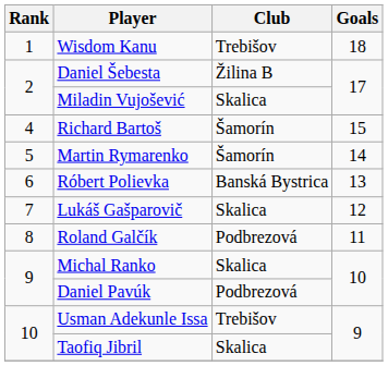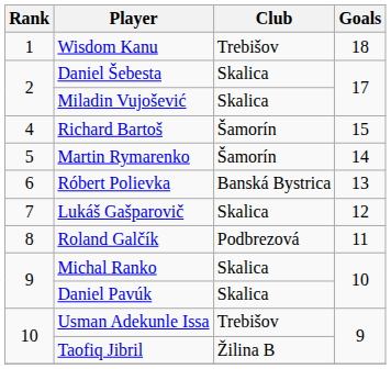 <table class="wikitable" style="text-align:center">
 <tr>
 <th>Rank</th>
 <th>Player</th>
 <th>Club</th>
 <th>Goals</th>
 </tr>
 <tr>
 <td rowspan="1">1</td>
 <td align="left"> <a href='#'>Wisdom Kanu</a></td>
 <td align="left">Trebišov</td>
 <td rowspan="1">18</td>
 </tr>
 <tr>
 <td rowspan="2">2</td>
 <td align="left"> <a href='#'>Daniel Šebesta</a></td>
-<td align="left">Žilina B</td>
+<td align="left">Skalica</td>
 <td rowspan="2">17</td>
 </tr>
 <tr>
 <td align="left"> <a href='#'>Miladin Vujošević</a></td>
 <td align="left">Skalica</td>
 </tr>
 <tr>
 <td rowspan="1">4</td>
 <td align="left"> <a href='#'>Richard Bartoš</a></td>
 <td align="left">Šamorín</td>
 <td rowspan="1">15</td>
 </tr>
 <tr>
 <td rowspan="1">5</td>
 <td align="left"> <a href='#'>Martin Rymarenko</a></td>
 <td align="left">Šamorín</td>
 <td rowspan="1">14</td>
 </tr>
 <tr>
 <td rowspan="1">6</td>
 <td align="left"> <a href='#'>Róbert Polievka</a></td>
 <td align="left">Banská Bystrica</td>
 <td rowspan="1">13</td>
 </tr>
 <tr>
 <td rowspan=1>7</td>
 <td align="left"> <a href='#'>Lukáš Gašparovič</a></td>
 <td align="left">Skalica</td>
 <td rowspan=1>12</td>
 </tr>
 <tr>
 <td rowspan=1>8</td>
 <td align="left"> <a href='#'>Roland Galčík</a></td>
 <td align="left">Podbrezová</td>
 <td rowspan=1>11</td>
 </tr>
 <tr>
 <td rowspan=2>9</td>
 <td align="left"> <a href='#'>Michal Ranko</a></td>
 <td align="left">Skalica</td>
 <td rowspan=2>10</td>
 </tr>
 <tr>
 <td align="left"> <a href='#'>Daniel Pavúk</a></td>
-<td align="left">Podbrezová</td>
+<td align="left">Skalica</td>
 </tr>
 <tr>
 <td rowspan=2>10</td>
 <td align="left">  <a href='#'>Usman Adekunle Issa</a></td>
 <td align="left">Trebišov</td>
 <td rowspan=2>9</td>
 </tr>
 <tr>
 <td align="left"> <a href='#'>Taofiq Jibril</a></td>
-<td align="left">Skalica</td>
+<td align="left">Žilina B</td>
 </tr>
 <tr>
 </tr>
 </table>
